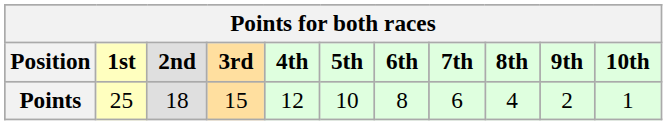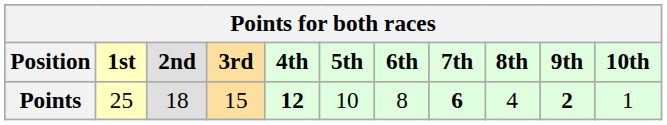 <table class="wikitable" style="font-size:85%; text-align:center">
 <tr>
 <th colspan=11>Points for both races</th>
 </tr>
 <tr>
 <th>Position</th>
 <td style="background:#ffffbf;"> <strong>1st</strong> </td>
 <td style="background:#dfdfdf;"> <strong>2nd</strong> </td>
 <td style="background:#ffdf9f;"> <strong>3rd</strong> </td>
 <td style="background:#dfffdf;"> <strong>4th</strong> </td>
 <td style="background:#dfffdf;"> <strong>5th</strong> </td>
 <td style="background:#dfffdf;"> <strong>6th</strong> </td>
 <td style="background:#dfffdf;"> <strong>7th</strong> </td>
 <td style="background:#dfffdf;"> <strong>8th</strong> </td>
 <td style="background:#dfffdf;"> <strong>9th</strong> </td>
 <td style="background:#dfffdf;"> <strong>10th</strong> </td>
 </tr>
 <tr>
 <th>Points</th>
 <td style="background:#ffffbf;">25</td>
 <td style="background:#dfdfdf;">18</td>
 <td style="background:#ffdf9f;">15</td>
-<td style="background:#dfffdf;">12</td>
+<td style="background:#dfffdf;"><strong>12</strong></td>
 <td style="background:#dfffdf;">10</td>
 <td style="background:#dfffdf;">8</td>
-<td style="background:#dfffdf;">6</td>
+<td style="background:#dfffdf;"><strong>6</strong></td>
 <td style="background:#dfffdf;">4</td>
-<td style="background:#dfffdf;">2</td>
+<td style="background:#dfffdf;"><strong>2</strong></td>
 <td style="background:#dfffdf;">1</td>
 </tr>
 </table>
